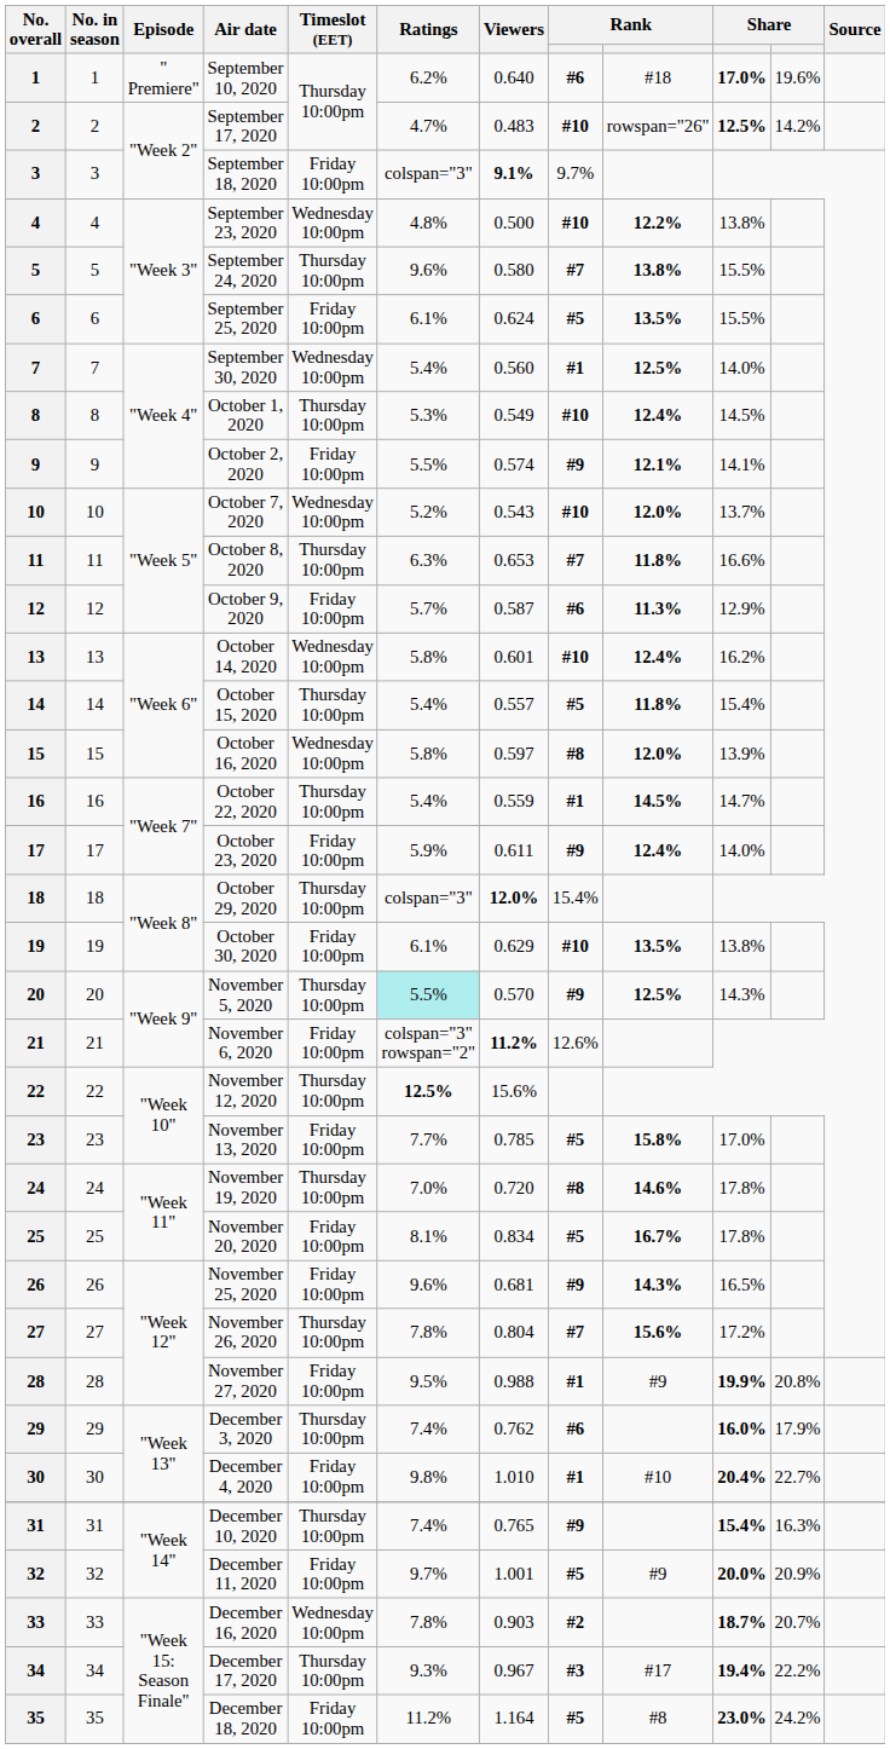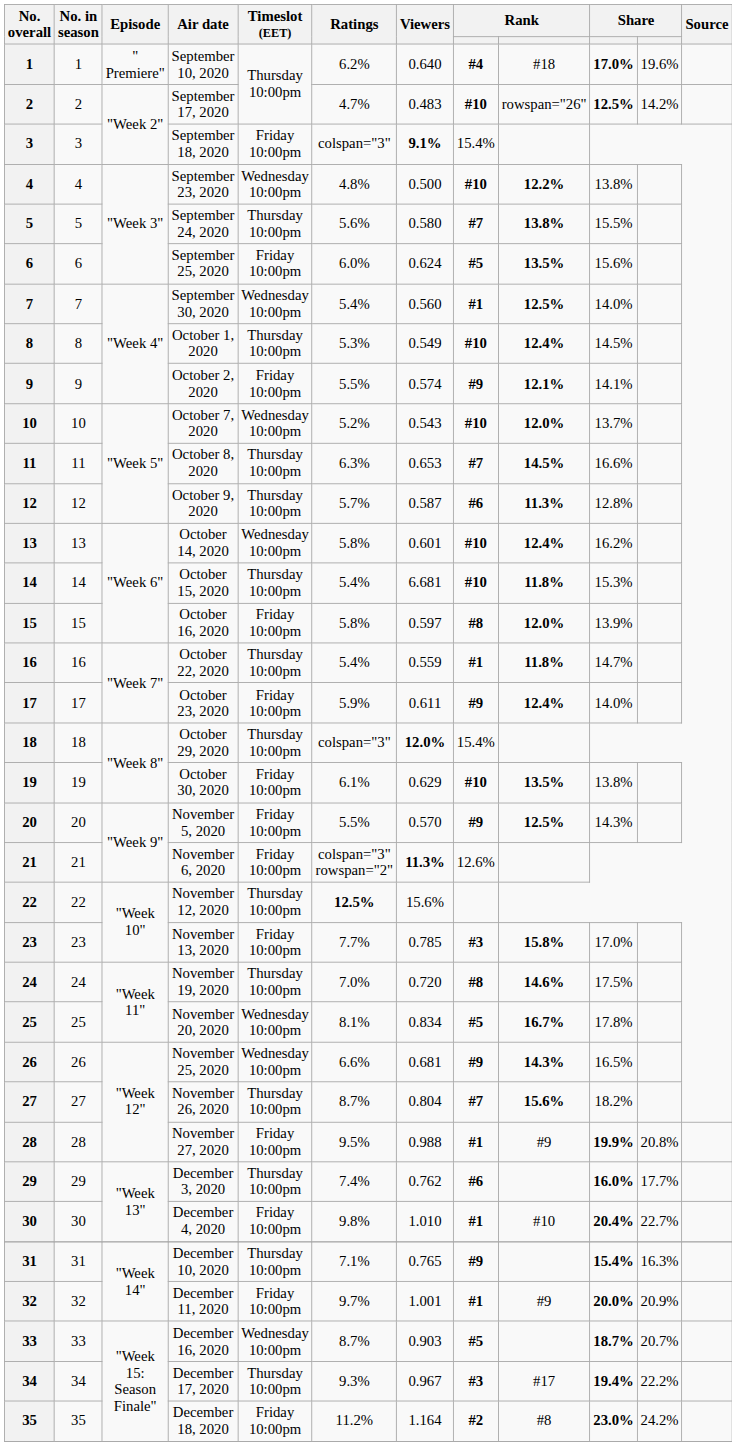 <table style="font-size:100%; text-align:center; width: 100%; margin-left: auto; margin-right: auto;" class="wikitable">
 <tr>
 <th rowspan="2" width="03%">No.<br>overall</th>
 <th rowspan="2" width="04%">No. in<br>season</th>
 <th rowspan="2" width="13%">Episode</th>
 <th rowspan="2" width="13%">Air date</th>
 <th rowspan="2" width="13%">Timeslot <small>(EET)</small></th>
 <th rowspan="2" width="09%">Ratings</th>
 <th rowspan="2" width="09%">Viewers<br><small></small></th>
 <th colspan="2" width="10%">Rank</th>
 <th colspan="2" width="20%">Share</th>
 <th rowspan="2" width="03%">Source</th>
 </tr>
 <tr style="font-size:85%;">
 <th width="05%"></th>
 <th width="05%"></th>
 <th width="08%"></th>
 <th width="08%"></th>
 </tr>
 <tr>
 <th>1</th>
 <td>1</td>
 <td>" Premiere"</td>
 <td>September 10, 2020</td>
 <td rowspan="2">Thursday 10:00pm</td>
 <td>6.2%</td>
 <td>0.640</td>
-<td><strong>#6</strong></td>
+<td><strong>#4</strong></td>
 <td>#18</td>
 <td><strong>17.0%</strong></td>
 <td>19.6%</td>
 <td></td>
 </tr>
 <tr>
 <th>2</th>
 <td>2</td>
 <td rowspan="2">"Week 2"</td>
 <td>September 17, 2020</td>
 <td>4.7%</td>
 <td>0.483</td>
 <td><strong>#10</strong></td>
 <td>rowspan="26" </td>
 <td><strong>12.5%</strong></td>
 <td>14.2%</td>
 <td></td>
 </tr>
 <tr>
 <th>3</th>
 <td>3</td>
 <td>September 18, 2020</td>
 <td>Friday 10:00pm</td>
 <td>colspan="3" </td>
 <td><strong>9.1%</strong></td>
-<td>9.7%</td>
+<td>15.4%</td>
 <td></td>
 </tr>
 <tr>
 <th>4</th>
 <td>4</td>
 <td rowspan="3">"Week 3"</td>
 <td>September 23, 2020</td>
 <td>Wednesday 10:00pm</td>
 <td>4.8%</td>
 <td>0.500</td>
 <td><strong>#10</strong></td>
 <td><strong>12.2%</strong></td>
 <td>13.8%</td>
 <td></td>
 </tr>
 <tr>
 <th>5</th>
 <td>5</td>
 <td>September 24, 2020</td>
 <td>Thursday 10:00pm</td>
-<td>9.6%</td>
+<td>5.6%</td>
 <td>0.580</td>
 <td><strong>#7</strong></td>
 <td><strong>13.8%</strong></td>
 <td>15.5%</td>
 <td></td>
 </tr>
 <tr>
 <th>6</th>
 <td>6</td>
 <td>September 25, 2020</td>
 <td>Friday 10:00pm</td>
-<td>6.1%</td>
+<td>6.0%</td>
 <td>0.624</td>
 <td><strong>#5</strong></td>
 <td><strong>13.5%</strong></td>
-<td>15.5%</td>
+<td>15.6%</td>
 <td></td>
 </tr>
 <tr>
 <th>7</th>
 <td>7</td>
 <td rowspan="3">"Week 4"</td>
 <td>September 30, 2020</td>
 <td>Wednesday 10:00pm</td>
 <td>5.4%</td>
 <td>0.560</td>
 <td><strong>#1</strong></td>
 <td><strong>12.5%</strong></td>
 <td>14.0%</td>
 <td></td>
 </tr>
 <tr>
 <th>8</th>
 <td>8</td>
 <td>October 1, 2020</td>
 <td>Thursday 10:00pm</td>
 <td>5.3%</td>
 <td>0.549</td>
 <td><strong>#10</strong></td>
 <td><strong>12.4%</strong></td>
 <td>14.5%</td>
 <td></td>
 </tr>
 <tr>
 <th>9</th>
 <td>9</td>
 <td>October 2, 2020</td>
 <td>Friday 10:00pm</td>
 <td>5.5%</td>
 <td>0.574</td>
 <td><strong>#9</strong></td>
 <td><strong>12.1%</strong></td>
 <td>14.1%</td>
 <td></td>
 </tr>
 <tr>
 <th>10</th>
 <td>10</td>
 <td rowspan="3">"Week 5"</td>
 <td>October 7, 2020</td>
 <td>Wednesday 10:00pm</td>
 <td>5.2%</td>
 <td>0.543</td>
 <td><strong>#10</strong></td>
 <td><strong>12.0%</strong></td>
 <td>13.7%</td>
 <td></td>
 </tr>
 <tr>
 <th>11</th>
 <td>11</td>
 <td>October 8, 2020</td>
 <td>Thursday 10:00pm</td>
 <td>6.3%</td>
 <td>0.653</td>
 <td><strong>#7</strong></td>
-<td><strong>11.8%</strong></td>
+<td><strong>14.5%</strong></td>
 <td>16.6%</td>
 <td></td>
 </tr>
 <tr>
 <th>12</th>
 <td>12</td>
 <td>October 9, 2020</td>
-<td>Friday 10:00pm</td>
+<td>Thursday 10:00pm</td>
 <td>5.7%</td>
 <td>0.587</td>
 <td><strong>#6</strong></td>
 <td><strong>11.3%</strong></td>
-<td>12.9%</td>
+<td>12.8%</td>
 <td></td>
 </tr>
 <tr>
 <th>13</th>
 <td>13</td>
 <td rowspan="3">"Week 6"</td>
 <td>October 14, 2020</td>
 <td>Wednesday 10:00pm</td>
 <td>5.8%</td>
 <td>0.601</td>
 <td><strong>#10</strong></td>
 <td><strong>12.4%</strong></td>
 <td>16.2%</td>
 <td></td>
 </tr>
 <tr>
 <th>14</th>
 <td>14</td>
 <td>October 15, 2020</td>
 <td>Thursday 10:00pm</td>
 <td>5.4%</td>
-<td>0.557</td>
-<td><strong>#5</strong></td>
+<td>6.681</td>
+<td><strong>#10</strong></td>
 <td><strong>11.8%</strong></td>
-<td>15.4%</td>
+<td>15.3%</td>
 <td></td>
 </tr>
 <tr>
 <th>15</th>
 <td>15</td>
 <td>October 16, 2020</td>
-<td>Wednesday 10:00pm</td>
+<td>Friday 10:00pm</td>
 <td>5.8%</td>
 <td>0.597</td>
 <td><strong>#8</strong></td>
 <td><strong>12.0%</strong></td>
 <td>13.9%</td>
 <td></td>
 </tr>
 <tr>
 <th>16</th>
 <td>16</td>
 <td rowspan="2">"Week 7"</td>
 <td>October 22, 2020</td>
 <td>Thursday 10:00pm</td>
 <td>5.4%</td>
 <td>0.559</td>
 <td><strong>#1</strong></td>
-<td><strong>14.5%</strong></td>
+<td><strong>11.8%</strong></td>
 <td>14.7%</td>
 <td></td>
 </tr>
 <tr>
 <th>17</th>
 <td>17</td>
 <td>October 23, 2020</td>
 <td>Friday 10:00pm</td>
 <td>5.9%</td>
 <td>0.611</td>
 <td><strong>#9</strong></td>
 <td><strong>12.4%</strong></td>
 <td>14.0%</td>
 <td></td>
 </tr>
 <tr>
 <th>18</th>
 <td>18</td>
 <td rowspan="2">"Week 8"</td>
 <td>October 29, 2020</td>
 <td>Thursday 10:00pm</td>
 <td>colspan="3" </td>
 <td><strong>12.0%</strong></td>
 <td>15.4%</td>
 <td></td>
 </tr>
 <tr>
 <th>19</th>
 <td>19</td>
 <td>October 30, 2020</td>
 <td>Friday 10:00pm</td>
 <td>6.1%</td>
 <td>0.629</td>
 <td><strong>#10</strong></td>
 <td><strong>13.5%</strong></td>
 <td>13.8%</td>
 <td></td>
 </tr>
 <tr>
 <th>20</th>
 <td>20</td>
 <td rowspan="2">"Week 9"</td>
 <td>November 5, 2020</td>
-<td>Thursday 10:00pm</td>
-<td style="background: paleturquoise;">5.5%</td>
+<td>Friday 10:00pm</td>
+<td>5.5%</td>
 <td>0.570</td>
 <td><strong>#9</strong></td>
 <td><strong>12.5%</strong></td>
 <td>14.3%</td>
 <td></td>
 </tr>
 <tr>
 <th>21</th>
 <td>21</td>
 <td>November 6, 2020</td>
 <td>Friday 10:00pm</td>
 <td>colspan="3" rowspan="2" </td>
-<td><strong>11.2%</strong></td>
+<td><strong>11.3%</strong></td>
 <td>12.6%</td>
 <td></td>
 </tr>
 <tr>
 <th>22</th>
 <td>22</td>
 <td rowspan="2">"Week 10"</td>
 <td>November 12, 2020</td>
 <td>Thursday 10:00pm</td>
 <td><strong>12.5%</strong></td>
 <td>15.6%</td>
 <td></td>
 </tr>
 <tr>
 <th>23</th>
 <td>23</td>
 <td>November 13, 2020</td>
 <td>Friday 10:00pm</td>
 <td>7.7%</td>
 <td>0.785</td>
-<td><strong>#5</strong></td>
+<td><strong>#3</strong></td>
 <td><strong>15.8%</strong></td>
 <td>17.0%</td>
 <td></td>
 </tr>
 <tr>
 <th>24</th>
 <td>24</td>
 <td rowspan="2">"Week 11"</td>
 <td>November 19, 2020</td>
 <td>Thursday 10:00pm</td>
 <td>7.0%</td>
 <td>0.720</td>
 <td><strong>#8</strong></td>
 <td><strong>14.6%</strong></td>
-<td>17.8%</td>
+<td>17.5%</td>
 <td></td>
 </tr>
 <tr>
 <th>25</th>
 <td>25</td>
 <td>November 20, 2020</td>
-<td>Friday 10:00pm</td>
+<td>Wednesday 10:00pm</td>
 <td>8.1%</td>
 <td>0.834</td>
 <td><strong>#5</strong></td>
 <td><strong>16.7%</strong></td>
 <td>17.8%</td>
 <td></td>
 </tr>
 <tr>
 <th>26</th>
 <td>26</td>
 <td rowspan="3">"Week 12"</td>
 <td>November 25, 2020</td>
-<td>Friday 10:00pm</td>
-<td>9.6%</td>
+<td>Wednesday 10:00pm</td>
+<td>6.6%</td>
 <td>0.681</td>
 <td><strong>#9</strong></td>
 <td><strong>14.3%</strong></td>
 <td>16.5%</td>
 <td></td>
 </tr>
 <tr>
 <th>27</th>
 <td>27</td>
 <td>November 26, 2020</td>
 <td>Thursday 10:00pm</td>
-<td>7.8%</td>
+<td>8.7%</td>
 <td>0.804</td>
 <td><strong>#7</strong></td>
 <td><strong>15.6%</strong></td>
-<td>17.2%</td>
+<td>18.2%</td>
 <td></td>
 </tr>
 <tr>
 <th>28</th>
 <td>28</td>
 <td>November 27, 2020</td>
 <td>Friday 10:00pm</td>
 <td>9.5%</td>
 <td>0.988</td>
 <td><strong>#1</strong></td>
 <td>#9</td>
 <td><strong>19.9%</strong></td>
 <td>20.8%</td>
 <td></td>
 </tr>
 <tr>
 <th>29</th>
 <td>29</td>
 <td rowspan="2">"Week 13"</td>
 <td>December 3, 2020</td>
 <td>Thursday 10:00pm</td>
 <td>7.4%</td>
 <td>0.762</td>
 <td><strong>#6</strong></td>
 <td></td>
 <td><strong>16.0%</strong></td>
-<td>17.9%</td>
+<td>17.7%</td>
 <td></td>
 </tr>
 <tr>
 <th>30</th>
 <td>30</td>
 <td>December 4, 2020</td>
 <td>Friday 10:00pm</td>
 <td>9.8%</td>
 <td>1.010</td>
 <td><strong>#1</strong></td>
 <td>#10</td>
 <td><strong>20.4%</strong></td>
 <td>22.7%</td>
 <td></td>
 </tr>
 <tr>
 </tr>
 <tr>
 <th>31</th>
 <td>31</td>
 <td rowspan="2">"Week 14"</td>
 <td>December 10, 2020</td>
 <td>Thursday 10:00pm</td>
-<td>7.4%</td>
+<td>7.1%</td>
 <td>0.765</td>
 <td><strong>#9</strong></td>
 <td></td>
 <td><strong>15.4%</strong></td>
 <td>16.3%</td>
 <td></td>
 </tr>
 <tr>
 <th>32</th>
 <td>32</td>
 <td>December 11, 2020</td>
 <td>Friday 10:00pm</td>
 <td>9.7%</td>
 <td>1.001</td>
-<td><strong>#5</strong></td>
+<td><strong>#1</strong></td>
 <td>#9</td>
 <td><strong>20.0%</strong></td>
 <td>20.9%</td>
 <td></td>
 </tr>
 <tr>
 <th>33</th>
 <td>33</td>
 <td rowspan="3">"Week 15: Season Finale"</td>
 <td>December 16, 2020</td>
 <td>Wednesday 10:00pm</td>
-<td>7.8%</td>
+<td>8.7%</td>
 <td>0.903</td>
-<td><strong>#2</strong></td>
+<td><strong>#5</strong></td>
 <td></td>
 <td><strong>18.7%</strong></td>
 <td>20.7%</td>
 <td></td>
 </tr>
 <tr>
 <th>34</th>
 <td>34</td>
 <td>December 17, 2020</td>
 <td>Thursday 10:00pm</td>
 <td>9.3%</td>
 <td>0.967</td>
 <td><strong>#3</strong></td>
 <td>#17</td>
 <td><strong>19.4%</strong></td>
 <td>22.2%</td>
 <td></td>
 </tr>
 <tr>
 <th>35</th>
 <td>35</td>
 <td>December 18, 2020</td>
 <td>Friday 10:00pm</td>
 <td>11.2%</td>
 <td>1.164</td>
-<td><strong>#5</strong></td>
+<td><strong>#2</strong></td>
 <td>#8</td>
 <td><strong>23.0%</strong></td>
 <td>24.2%</td>
 <td></td>
 </tr>
 <tr>
 </tr>
 </table>
